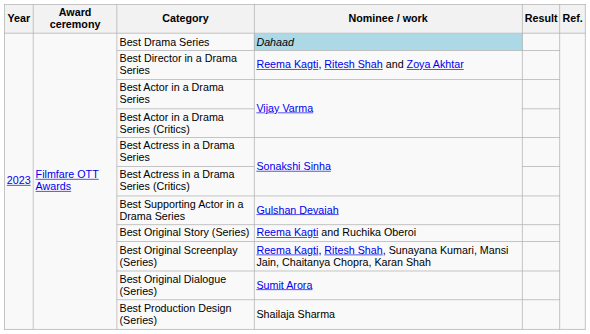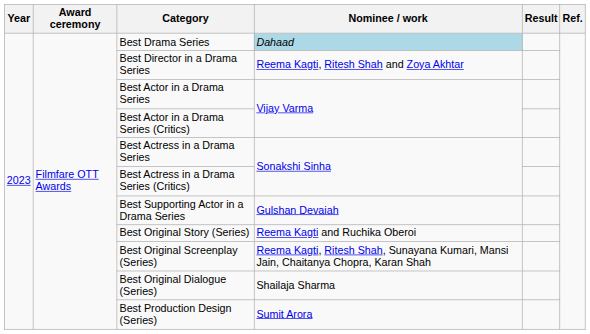 <table class="wikitable">
 <tr>
 <th>Year</th>
 <th>Award ceremony</th>
 <th>Category</th>
 <th>Nominee / work</th>
 <th>Result</th>
 <th>Ref.</th>
 </tr>
 <tr>
 <td rowspan="11"><a href='#'>2023</a></td>
 <td rowspan="11"><a href='#'>Filmfare OTT Awards</a></td>
 <td>Best Drama Series</td>
 <td style="background: lightblue;"><em>Dahaad</em></td>
 <td></td>
 <td rowspan="11"></td>
 </tr>
 <tr>
 <td>Best Director in a Drama Series</td>
 <td><a href='#'>Reema Kagti</a>, <a href='#'>Ritesh Shah</a> and <a href='#'>Zoya Akhtar</a></td>
 <td></td>
 </tr>
 <tr>
 <td>Best Actor in a Drama Series</td>
 <td rowspan="2"><a href='#'>Vijay Varma</a></td>
 <td></td>
 </tr>
 <tr>
 <td>Best Actor in a Drama Series (Critics)</td>
 <td></td>
 </tr>
 <tr>
 <td>Best Actress in a Drama Series</td>
 <td rowspan="2"><a href='#'>Sonakshi Sinha</a></td>
 <td></td>
 </tr>
 <tr>
 <td>Best Actress in a Drama Series (Critics)</td>
 <td></td>
 </tr>
 <tr>
 <td>Best Supporting Actor in a Drama Series</td>
 <td><a href='#'>Gulshan Devaiah</a></td>
 <td></td>
 </tr>
 <tr>
 <td>Best Original Story (Series)</td>
 <td><a href='#'>Reema Kagti</a> and Ruchika Oberoi</td>
 <td></td>
 </tr>
 <tr>
 <td>Best Original Screenplay (Series)</td>
 <td><a href='#'>Reema Kagti</a>, <a href='#'>Ritesh Shah</a>, Sunayana Kumari, Mansi Jain, Chaitanya Chopra, Karan Shah</td>
 <td></td>
 </tr>
 <tr>
 <td>Best Original Dialogue (Series)</td>
-<td><a href='#'>Sumit Arora</a></td>
+<td>Shailaja Sharma</td>
 <td></td>
 </tr>
 <tr>
 <td>Best Production Design (Series)</td>
-<td>Shailaja Sharma</td>
+<td><a href='#'>Sumit Arora</a></td>
 <td></td>
 </tr>
 </table>
